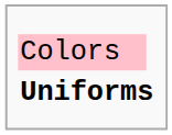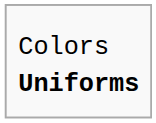 <table class="infobox">
 <tr>
 <th colspan=2><big></big></th>
 </tr>
 <tr>
 <td align=center colspan=2></td>
 </tr>
 <tr>
-<td style="background: pink;">Colors</td>
+<td>Colors</td>
 <td>   </td>
 </tr>
 <tr>
 <th colspan=2>Uniforms</th>
 </tr>
 <tr>
 <td></td>
 <td></td>
 </tr>
 </table>
